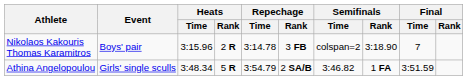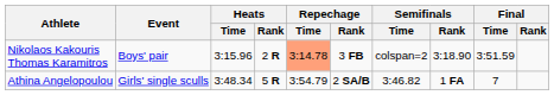 <table class="wikitable" style="font-size:90%">
 <tr>
 <th rowspan="2">Athlete</th>
 <th rowspan="2">Event</th>
 <th colspan="2">Heats</th>
 <th colspan="2">Repechage</th>
 <th colspan="2">Semifinals</th>
 <th colspan="2">Final</th>
 </tr>
 <tr style="font-size:95%">
 <th>Time</th>
 <th>Rank</th>
 <th>Time</th>
 <th>Rank</th>
 <th>Time</th>
 <th>Rank</th>
 <th>Time</th>
 <th>Rank</th>
 </tr>
 <tr align=center>
 <td align=left><a href='#'>Nikolaos Kakouris</a><br><a href='#'>Thomas Karamitros</a></td>
 <td align=left><a href='#'>Boys' pair</a></td>
 <td>3:15.96</td>
 <td>2 <strong>R</strong></td>
-<td>3:14.78</td>
+<td style="background: lightsalmon;">3:14.78</td>
 <td>3 <strong>FB</strong></td>
 <td>colspan=2 </td>
 <td>3:18.90</td>
-<td>7</td>
+<td>3:51.59</td>
 </tr>
 <tr align=center>
 <td align=left><a href='#'>Athina Angelopoulou</a></td>
 <td align=left><a href='#'>Girls' single sculls</a></td>
 <td>3:48.34</td>
 <td>5 <strong>R</strong></td>
 <td>3:54.79</td>
 <td>2 <strong>SA/B</strong></td>
 <td>3:46.82</td>
 <td>1 <strong>FA</strong></td>
-<td>3:51.59</td>
+<td>7</td>
 <td></td>
 </tr>
 </table>
